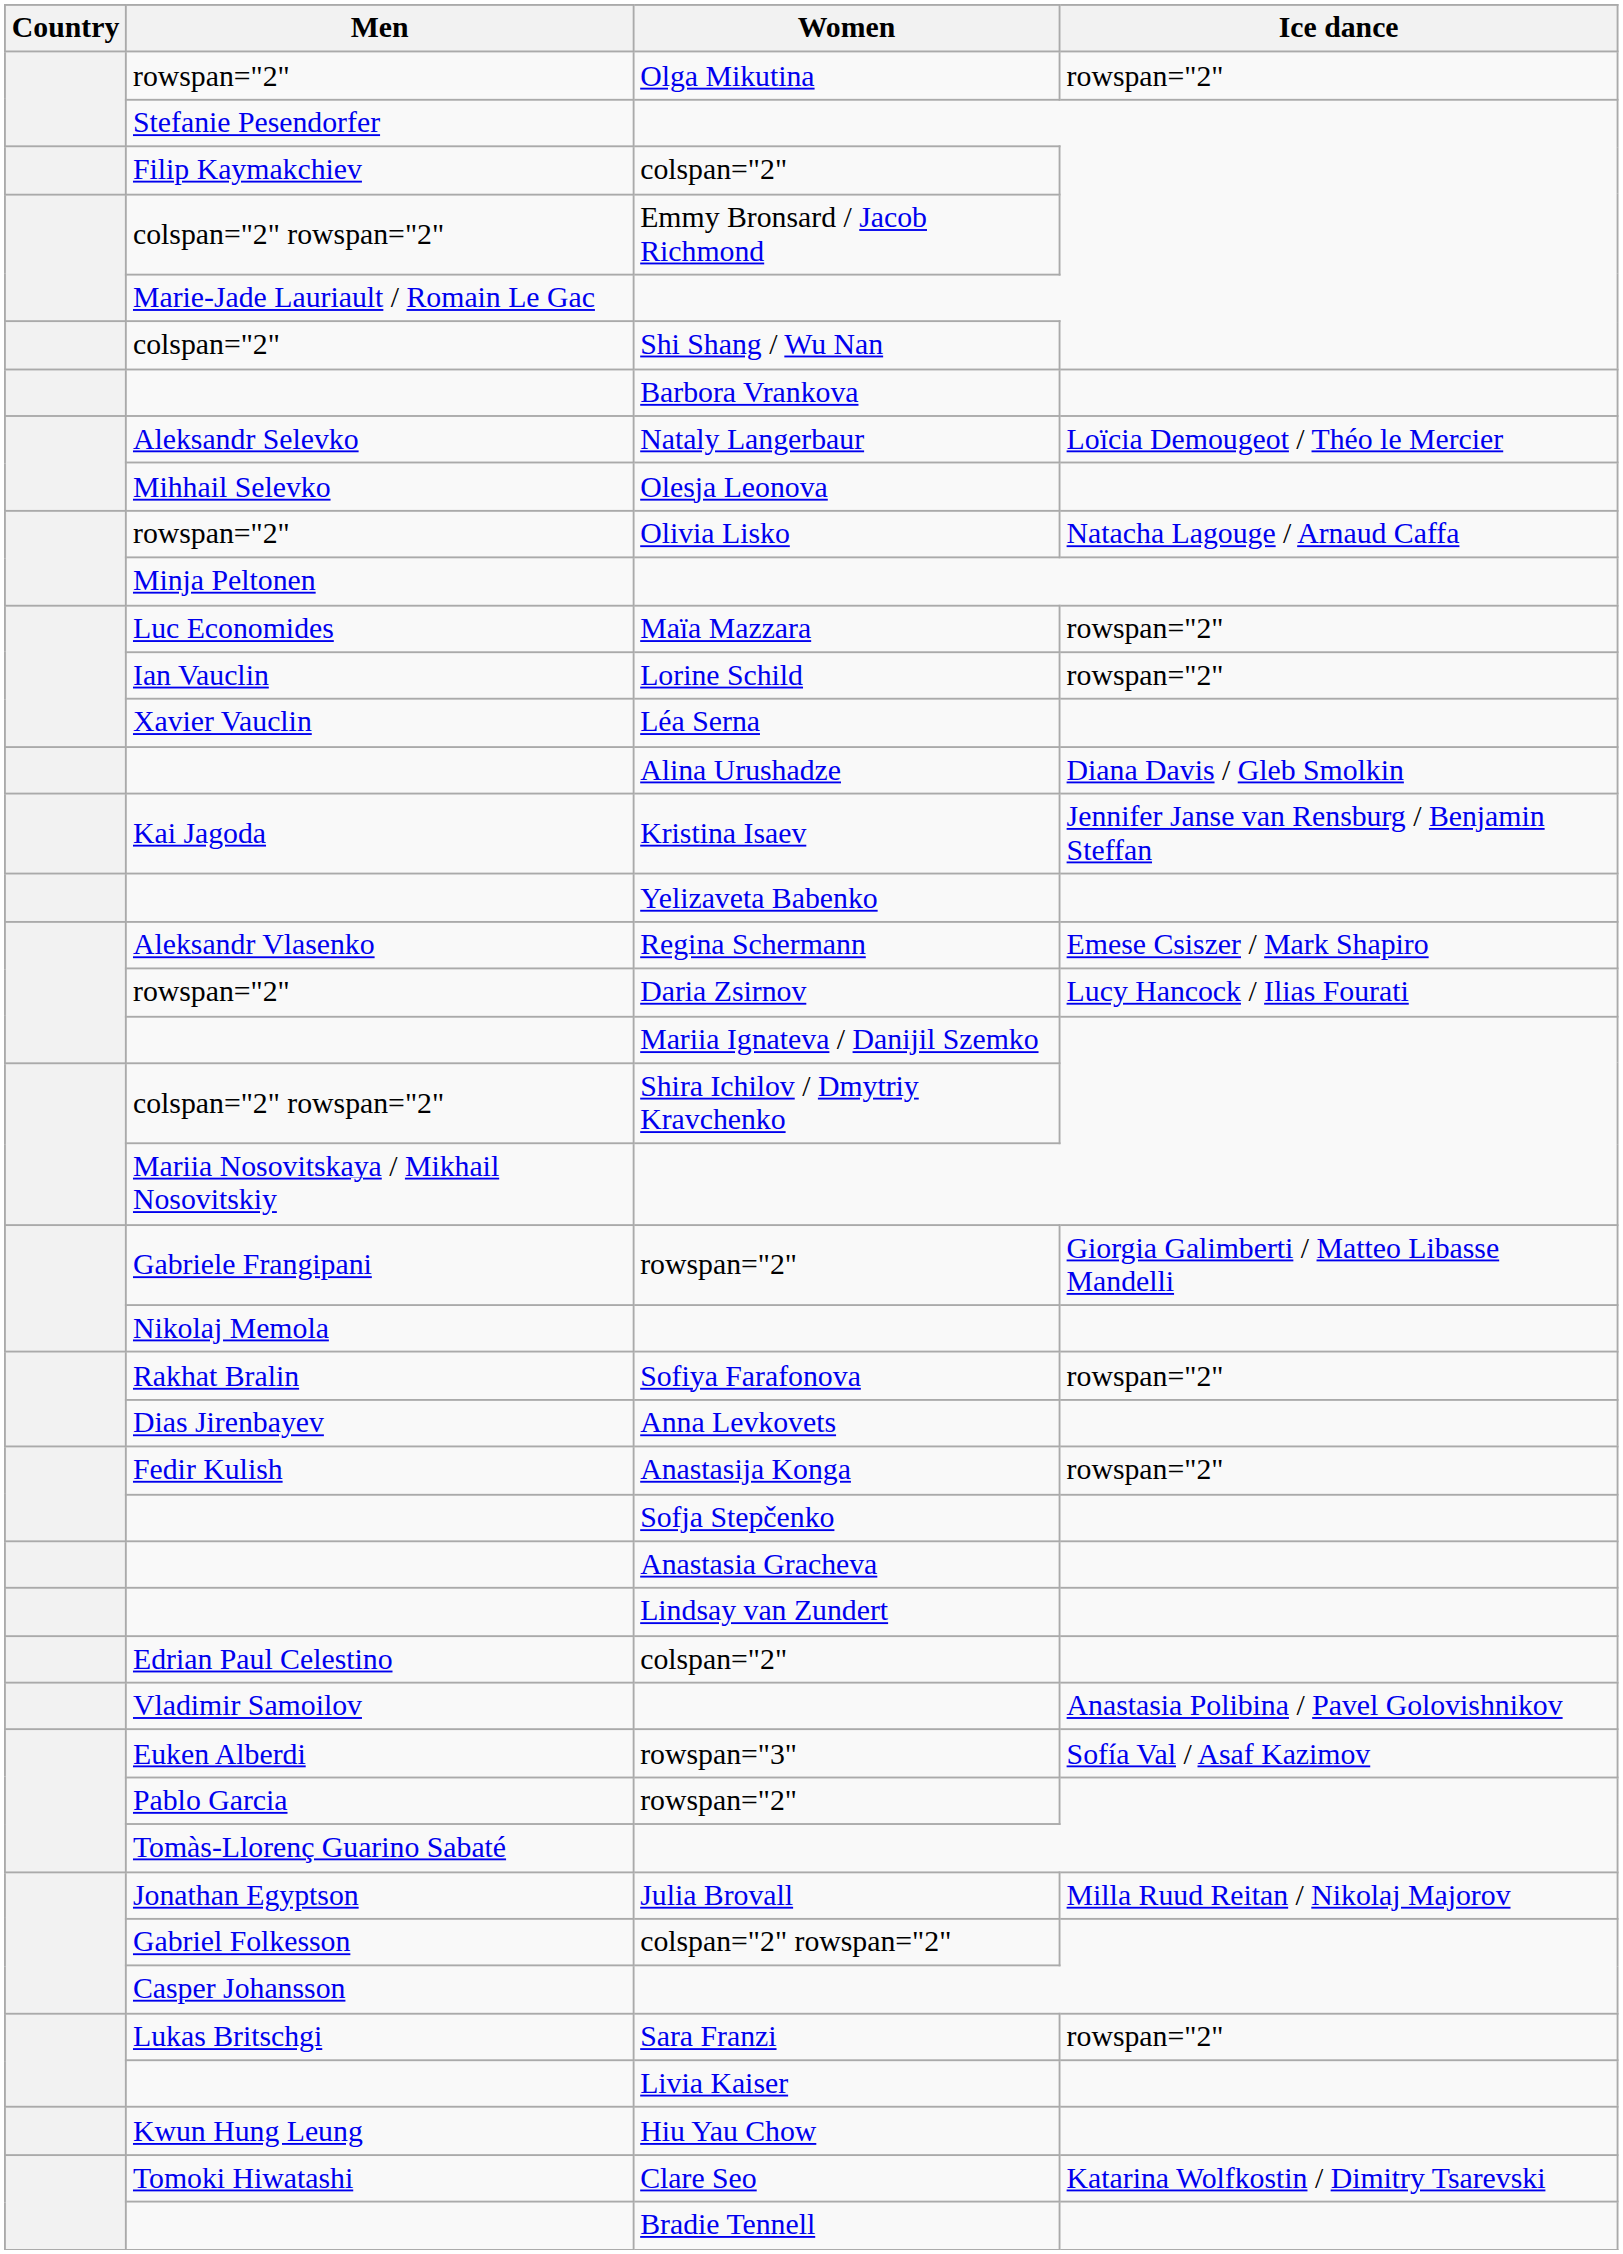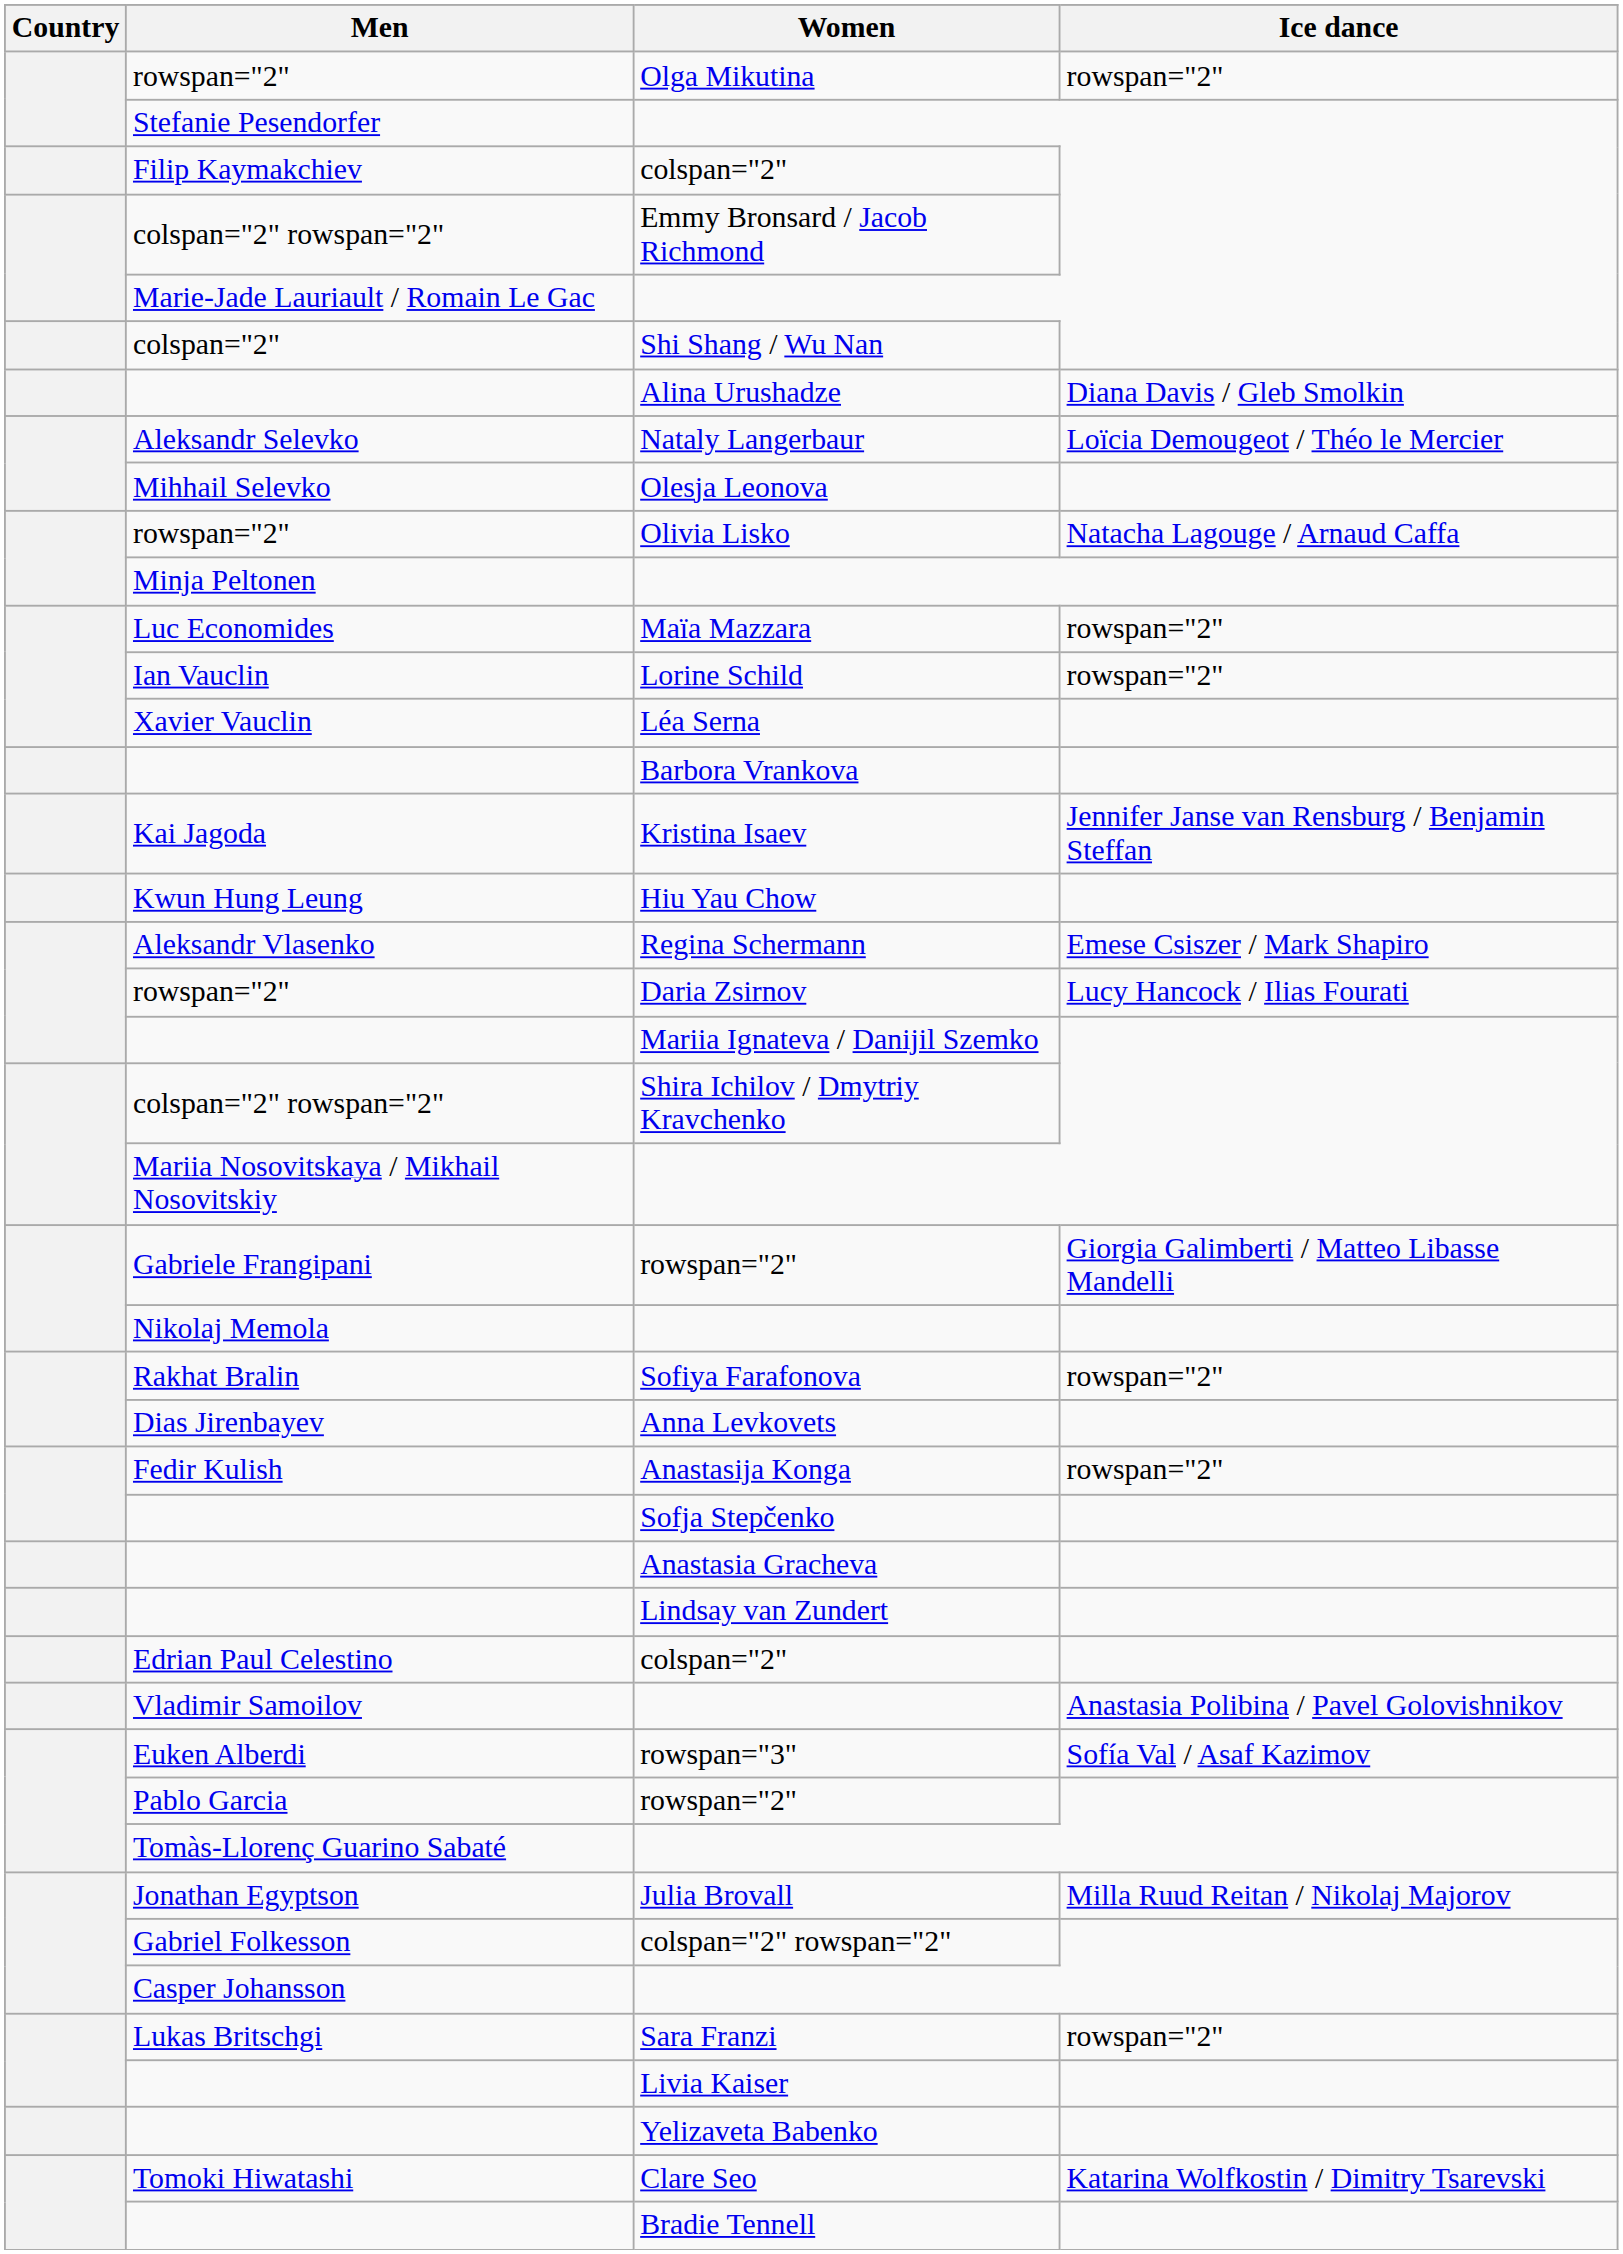 <table class="wikitable unsortable" style="text-align:left">
 <tr>
 <th scope="col">Country</th>
 <th scope="col">Men</th>
 <th scope="col">Women</th>
 <th scope="col">Ice dance</th>
 </tr>
 <tr>
 <th rowspan="2" scope="row" style="text-align:left"></th>
 <td>rowspan="2" </td>
 <td><a href='#'>Olga Mikutina</a></td>
 <td>rowspan="2" </td>
 </tr>
 <tr>
 <td><a href='#'>Stefanie Pesendorfer</a></td>
 </tr>
 <tr>
 <th scope="row" style="text-align:left"></th>
 <td><a href='#'>Filip Kaymakchiev</a></td>
 <td>colspan="2" </td>
 </tr>
 <tr>
 <th rowspan="2" scope="row" style="text-align:left"></th>
 <td>colspan="2" rowspan="2" </td>
 <td>Emmy Bronsard / <a href='#'>Jacob Richmond</a></td>
 </tr>
 <tr>
 <td><a href='#'>Marie-Jade Lauriault</a> / <a href='#'>Romain Le Gac</a></td>
 </tr>
 <tr>
 <th scope="row" style="text-align:left"></th>
 <td>colspan="2" </td>
 <td><a href='#'>Shi Shang</a> / <a href='#'>Wu Nan</a></td>
 </tr>
 <tr>
 <th scope="row" style="text-align:left"></th>
 <td></td>
-<td><a href='#'>Barbora Vrankova</a></td>
-<td></td>
+<td><a href='#'>Alina Urushadze</a></td>
+<td><a href='#'>Diana Davis</a> / <a href='#'>Gleb Smolkin</a></td>
 </tr>
 <tr>
 <th rowspan="2" scope="row" style="text-align:left"></th>
 <td><a href='#'>Aleksandr Selevko</a></td>
 <td><a href='#'>Nataly Langerbaur</a></td>
 <td><a href='#'>Loïcia Demougeot</a> / <a href='#'>Théo le Mercier</a></td>
 </tr>
 <tr>
 <td><a href='#'>Mihhail Selevko</a></td>
 <td><a href='#'>Olesja Leonova</a></td>
 </tr>
 <tr>
 <th rowspan="2" scope="row" style="text-align:left"></th>
 <td>rowspan="2" </td>
 <td><a href='#'>Olivia Lisko</a></td>
 <td><a href='#'>Natacha Lagouge</a> / <a href='#'>Arnaud Caffa</a></td>
 </tr>
 <tr>
 <td><a href='#'>Minja Peltonen</a></td>
 </tr>
 <tr>
 <th rowspan="3" scope="row" style="text-align:left"></th>
 <td><a href='#'>Luc Economides</a></td>
 <td><a href='#'>Maïa Mazzara</a></td>
 <td>rowspan="2" </td>
 </tr>
 <tr>
 <td><a href='#'>Ian Vauclin</a></td>
 <td><a href='#'>Lorine Schild</a></td>
 <td>rowspan="2" </td>
 </tr>
 <tr>
 <td><a href='#'>Xavier Vauclin</a></td>
 <td><a href='#'>Léa Serna</a></td>
 <td></td>
 </tr>
 <tr>
 <th scope="row" style="text-align:left"></th>
 <td></td>
-<td><a href='#'>Alina Urushadze</a></td>
-<td><a href='#'>Diana Davis</a> / <a href='#'>Gleb Smolkin</a></td>
+<td><a href='#'>Barbora Vrankova</a></td>
+<td></td>
 </tr>
 <tr>
 <th scope="row" style="text-align:left"></th>
 <td><a href='#'>Kai Jagoda</a></td>
 <td><a href='#'>Kristina Isaev</a></td>
 <td><a href='#'>Jennifer Janse van Rensburg</a> / <a href='#'>Benjamin Steffan</a></td>
 </tr>
 <tr>
 <th scope="row" style="text-align:left"></th>
-<td></td>
-<td valign="top"><a href='#'>Yelizaveta Babenko</a></td>
+<td><a href='#'>Kwun Hung Leung</a></td>
+<td><a href='#'>Hiu Yau Chow</a></td>
 <td></td>
 </tr>
 <tr>
 <th rowspan="3" scope="row" style="text-align:left"></th>
 <td><a href='#'>Aleksandr Vlasenko</a></td>
 <td><a href='#'>Regina Schermann</a></td>
 <td><a href='#'>Emese Csiszer</a> / <a href='#'>Mark Shapiro</a></td>
 </tr>
 <tr>
 <td>rowspan="2" </td>
 <td><a href='#'>Daria Zsirnov</a></td>
 <td><a href='#'>Lucy Hancock</a> / <a href='#'>Ilias Fourati</a></td>
 </tr>
 <tr>
 <td></td>
 <td><a href='#'>Mariia Ignateva</a> / <a href='#'>Danijil Szemko</a></td>
 </tr>
 <tr>
 <th rowspan="2" scope="row" style="text-align:left"></th>
 <td>colspan="2" rowspan="2" </td>
 <td><a href='#'>Shira Ichilov</a> / <a href='#'>Dmytriy Kravchenko</a></td>
 </tr>
 <tr>
 <td><a href='#'>Mariia Nosovitskaya</a> / <a href='#'>Mikhail Nosovitskiy</a></td>
 </tr>
 <tr>
 <th rowspan="2" scope="row" style="text-align:left"></th>
 <td><a href='#'>Gabriele Frangipani</a></td>
 <td>rowspan="2" </td>
 <td><a href='#'>Giorgia Galimberti</a> / <a href='#'>Matteo Libasse Mandelli</a></td>
 </tr>
 <tr>
 <td><a href='#'>Nikolaj Memola</a></td>
 <td></td>
 </tr>
 <tr>
 <th rowspan="2" scope="row" style="text-align:left"></th>
 <td><a href='#'>Rakhat Bralin</a></td>
 <td><a href='#'>Sofiya Farafonova</a></td>
 <td>rowspan="2" </td>
 </tr>
 <tr>
 <td><a href='#'>Dias Jirenbayev</a></td>
 <td><a href='#'>Anna Levkovets</a></td>
 </tr>
 <tr>
 <th rowspan="2" scope="row" style="text-align:left"></th>
 <td><a href='#'>Fedir Kulish</a></td>
 <td><a href='#'>Anastasija Konga</a></td>
 <td>rowspan="2" </td>
 </tr>
 <tr>
 <td></td>
 <td><a href='#'>Sofja Stepčenko</a></td>
 </tr>
 <tr>
 <th scope="row" style="text-align:left"></th>
 <td></td>
 <td><a href='#'>Anastasia Gracheva</a></td>
 <td></td>
 </tr>
 <tr>
 <th scope="row" style="text-align:left"></th>
 <td></td>
 <td><a href='#'>Lindsay van Zundert</a></td>
 <td></td>
 </tr>
 <tr>
 <th scope="row" style="text-align:left"></th>
 <td><a href='#'>Edrian Paul Celestino</a></td>
 <td>colspan="2" </td>
 </tr>
 <tr>
 <th scope="row" style="text-align:left"></th>
 <td><a href='#'>Vladimir Samoilov</a></td>
 <td></td>
 <td><a href='#'>Anastasia Polibina</a> / <a href='#'>Pavel Golovishnikov</a></td>
 </tr>
 <tr>
 <th rowspan="3" scope="row" style="text-align:left"></th>
 <td><a href='#'>Euken Alberdi</a></td>
 <td>rowspan="3" </td>
 <td><a href='#'>Sofía Val</a> / <a href='#'>Asaf Kazimov</a></td>
 </tr>
 <tr>
 <td><a href='#'>Pablo Garcia</a></td>
 <td>rowspan="2" </td>
 </tr>
 <tr>
 <td><a href='#'>Tomàs-Llorenç Guarino Sabaté</a></td>
 </tr>
 <tr>
 <th rowspan="3" scope="row" style="text-align:left"></th>
 <td><a href='#'>Jonathan Egyptson</a></td>
 <td><a href='#'>Julia Brovall</a></td>
 <td><a href='#'>Milla Ruud Reitan</a> / <a href='#'>Nikolaj Majorov</a></td>
 </tr>
 <tr>
 <td><a href='#'>Gabriel Folkesson</a></td>
 <td>colspan="2" rowspan="2" </td>
 </tr>
 <tr>
 <td><a href='#'>Casper Johansson</a></td>
 </tr>
 <tr>
 <th rowspan="2" scope="row" style="text-align:left"></th>
 <td><a href='#'>Lukas Britschgi</a></td>
 <td><a href='#'>Sara Franzi</a></td>
 <td>rowspan="2" </td>
 </tr>
 <tr>
 <td></td>
 <td><a href='#'>Livia Kaiser</a></td>
 </tr>
 <tr>
 <th scope="row" style="text-align:left"></th>
-<td><a href='#'>Kwun Hung Leung</a></td>
-<td><a href='#'>Hiu Yau Chow</a></td>
+<td></td>
+<td valign="top"><a href='#'>Yelizaveta Babenko</a></td>
 <td></td>
 </tr>
 <tr>
 <th rowspan="2" scope="row" style="text-align:left"></th>
 <td><a href='#'>Tomoki Hiwatashi</a></td>
 <td><a href='#'>Clare Seo</a></td>
 <td><a href='#'>Katarina Wolfkostin</a> / <a href='#'>Dimitry Tsarevski</a></td>
 </tr>
 <tr>
 <td></td>
 <td><a href='#'>Bradie Tennell</a></td>
 <td></td>
 </tr>
 </table>
